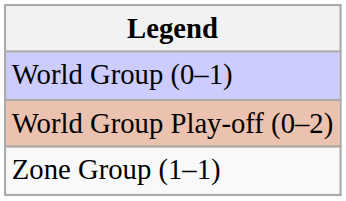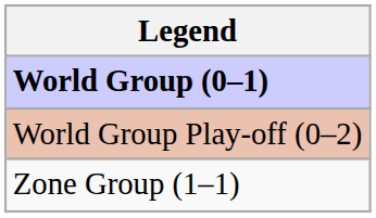 <table class=wikitable style=font-size:85%>
 <tr>
 <th>Legend</th>
 </tr>
 <tr>
-<td bgcolor=#ccf>World Group (0–1)</td>
+<td bgcolor=#ccf><strong>World Group (0–1)</strong></td>
 </tr>
 <tr>
 <td bgcolor=#ebc2af>World Group Play-off (0–2)</td>
 </tr>
 <tr>
 <td>Zone Group  (1–1)</td>
 </tr>
 </table>
